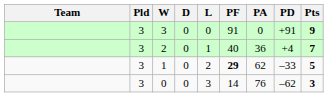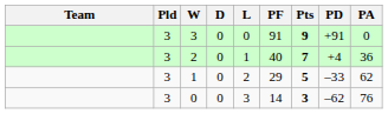 <table class="wikitable" style="text-align:center;">
 <tr>
 <th width=175>Team</th>
 <th width=25 abbr="Played">Pld</th>
 <th width=25 abbr="Won">W</th>
 <th width=25 abbr="Drawn">D</th>
 <th width=25 abbr="Lost">L</th>
 <th width=32 abbr="Points for">PF</th>
+<th width=25 abbr="Points">Pts</th>
+<th width=32 abbr="Points difference">PD</th>
 <th width=32 abbr="Points against">PA</th>
-<th width=32 abbr="Points difference">PD</th>
-<th width=25 abbr="Points">Pts</th>
 </tr>
 <tr bgcolor=ccffcc>
 <td align=left></td>
 <td>3</td>
 <td>3</td>
 <td>0</td>
 <td>0</td>
 <td>91</td>
+<td><strong>9</strong></td>
+<td>+91</td>
 <td>0</td>
-<td>+91</td>
-<td><strong>9</strong></td>
 </tr>
 <tr bgcolor=ccffcc>
 <td align=left></td>
 <td>3</td>
 <td>2</td>
 <td>0</td>
 <td>1</td>
 <td>40</td>
+<td><strong>7</strong></td>
+<td>+4</td>
 <td>36</td>
-<td>+4</td>
-<td><strong>7</strong></td>
 </tr>
 <tr>
 <td align=left></td>
 <td>3</td>
 <td>1</td>
 <td>0</td>
 <td>2</td>
-<td><strong>29</strong></td>
+<td>29</td>
+<td><strong>5</strong></td>
+<td>–33</td>
 <td>62</td>
-<td>–33</td>
-<td><strong>5</strong></td>
 </tr>
 <tr>
 <td align=left></td>
 <td>3</td>
 <td>0</td>
 <td>0</td>
 <td>3</td>
 <td>14</td>
+<td><strong>3</strong></td>
+<td>–62</td>
 <td>76</td>
-<td>–62</td>
-<td><strong>3</strong></td>
 </tr>
 </table>
